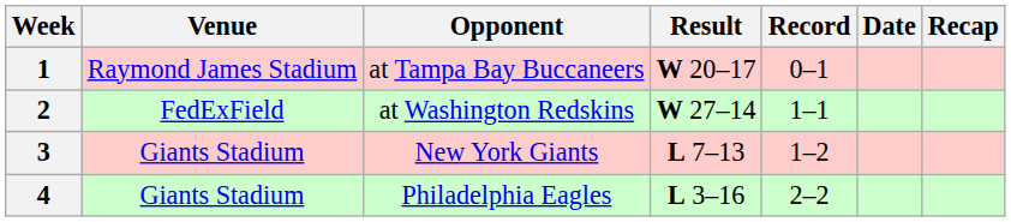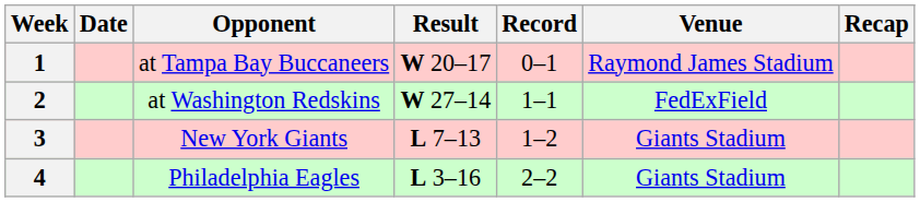 <table class="wikitable"style="text-align:center">
 <tr>
 <th>Week</th>
-<th>Venue</th>
+<th>Date</th>
 <th>Opponent</th>
 <th>Result</th>
 <th>Record</th>
-<th>Date</th>
+<th>Venue</th>
 <th>Recap</th>
 </tr>
 <tr style="background:#fcc">
 <th>1</th>
-<td><a href='#'>Raymond James Stadium</a></td>
+<td></td>
 <td>at <a href='#'>Tampa Bay Buccaneers</a></td>
 <td><strong>W</strong> 20–17</td>
 <td>0–1</td>
-<td></td>
+<td><a href='#'>Raymond James Stadium</a></td>
 <td></td>
 </tr>
 <tr style="background:#cfc">
 <th>2</th>
-<td><a href='#'>FedExField</a></td>
+<td></td>
 <td>at <a href='#'>Washington Redskins</a></td>
 <td><strong>W</strong> 27–14</td>
 <td>1–1</td>
-<td></td>
+<td><a href='#'>FedExField</a></td>
 <td></td>
 </tr>
 <tr style="background:#fcc">
 <th>3</th>
-<td><a href='#'>Giants Stadium</a></td>
+<td></td>
 <td><a href='#'>New York Giants</a></td>
 <td><strong>L</strong> 7–13</td>
 <td>1–2</td>
-<td></td>
+<td><a href='#'>Giants Stadium</a></td>
 <td></td>
 </tr>
 <tr style="background:#cfc">
 <th>4</th>
-<td><a href='#'>Giants Stadium</a></td>
+<td></td>
 <td><a href='#'>Philadelphia Eagles</a></td>
 <td><strong>L</strong> 3–16</td>
 <td>2–2</td>
-<td></td>
+<td><a href='#'>Giants Stadium</a></td>
 <td></td>
 </tr>
 </table>
